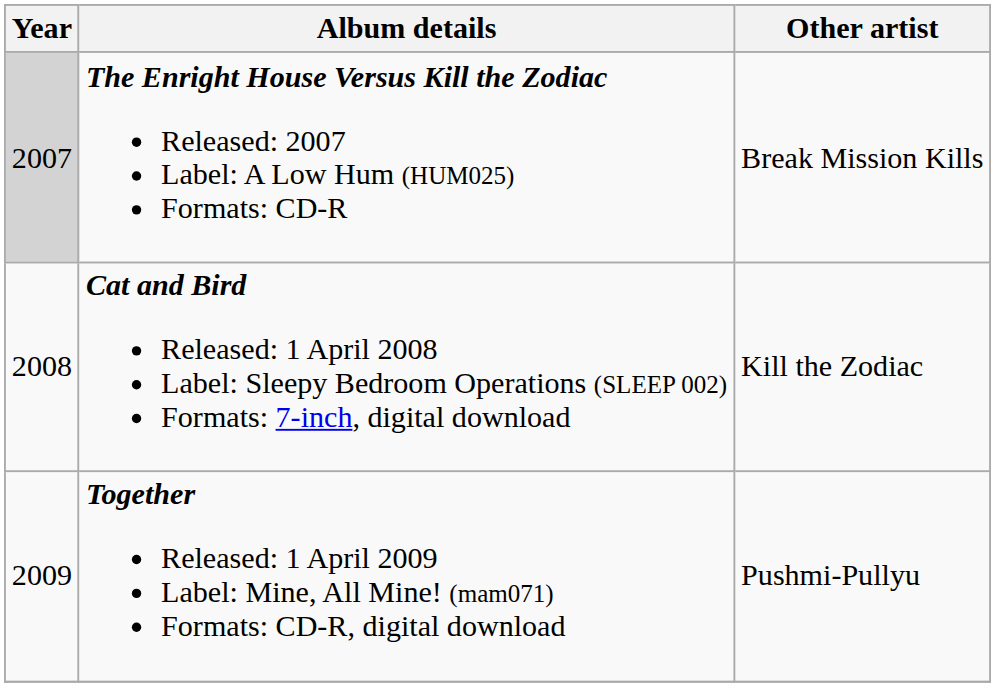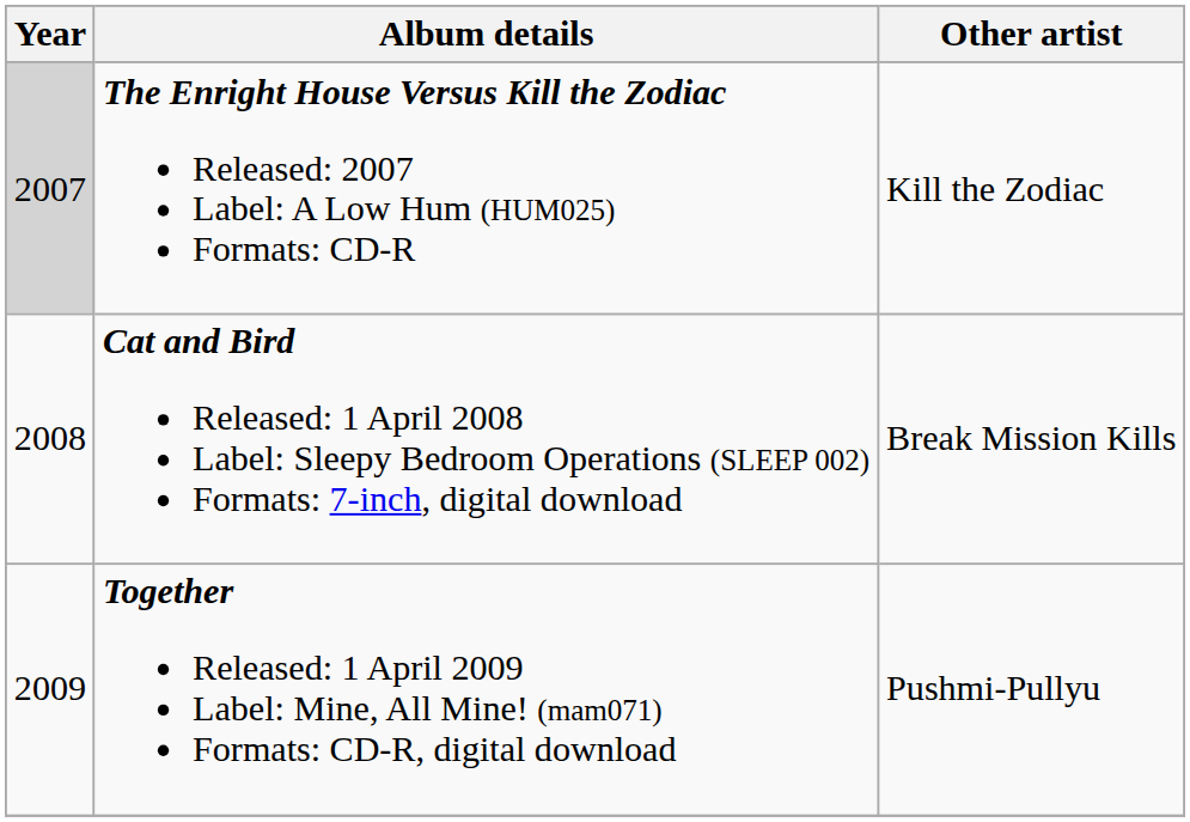 <table class="wikitable">
 <tr>
 <th>Year</th>
 <th>Album details</th>
 <th>Other artist</th>
 </tr>
 <tr>
 <td style="background: lightgrey;">2007</td>
 <td><strong><em>The Enright House Versus Kill the Zodiac</em></strong><br><ul><li>Released: 2007</li><li>Label: A Low Hum <small>(HUM025)</small></li><li>Formats: CD-R</li></ul></td>
-<td>Break Mission Kills</td>
+<td>Kill the Zodiac</td>
 </tr>
 <tr>
 <td>2008</td>
 <td><strong><em>Cat and Bird</em></strong><br><ul><li>Released: 1 April 2008</li><li>Label: Sleepy Bedroom Operations <small>(SLEEP 002)</small></li><li>Formats: <a href='#'>7-inch</a>, digital download</li></ul></td>
-<td>Kill the Zodiac</td>
+<td>Break Mission Kills</td>
 </tr>
 <tr>
 <td>2009</td>
 <td><strong><em>Together</em></strong><br><ul><li>Released: 1 April 2009</li><li>Label: Mine, All Mine! <small>(mam071)</small></li><li>Formats: CD-R, digital download</li></ul></td>
 <td>Pushmi-Pullyu</td>
 </tr>
 <tr>
 </tr>
 </table>
